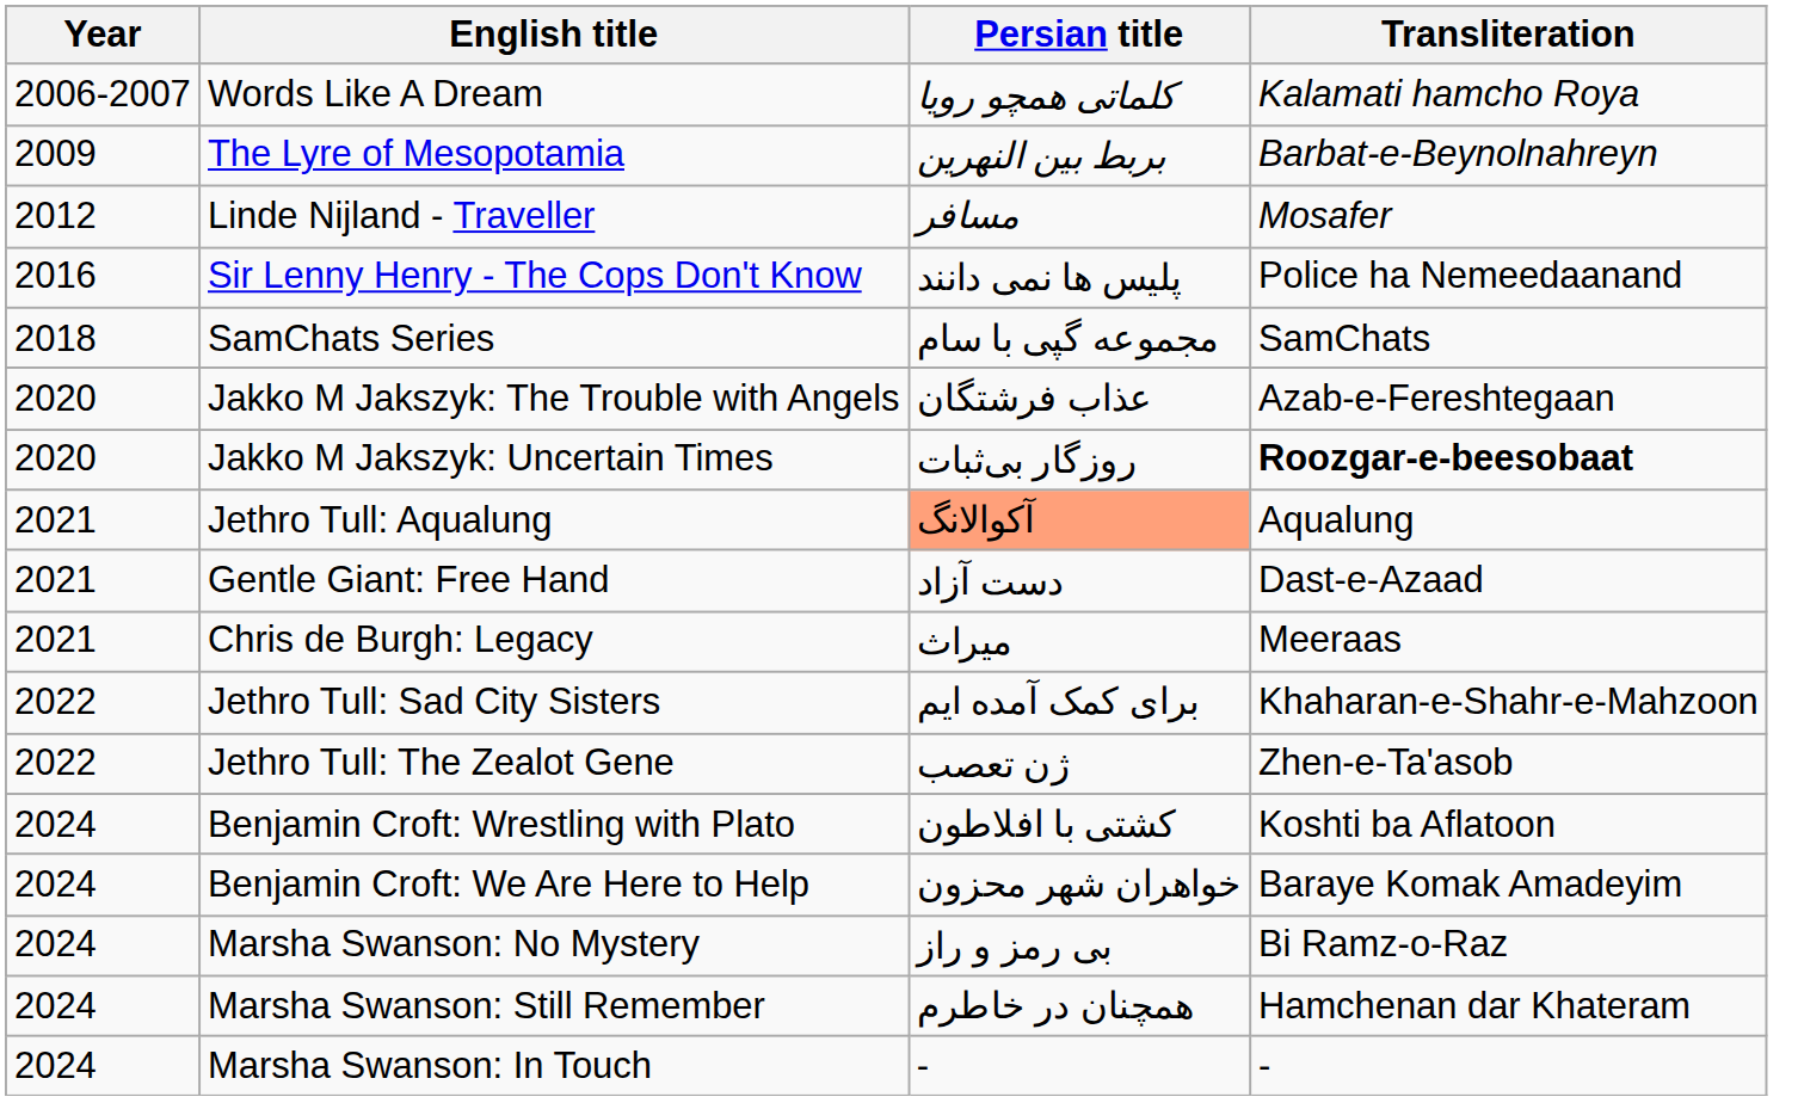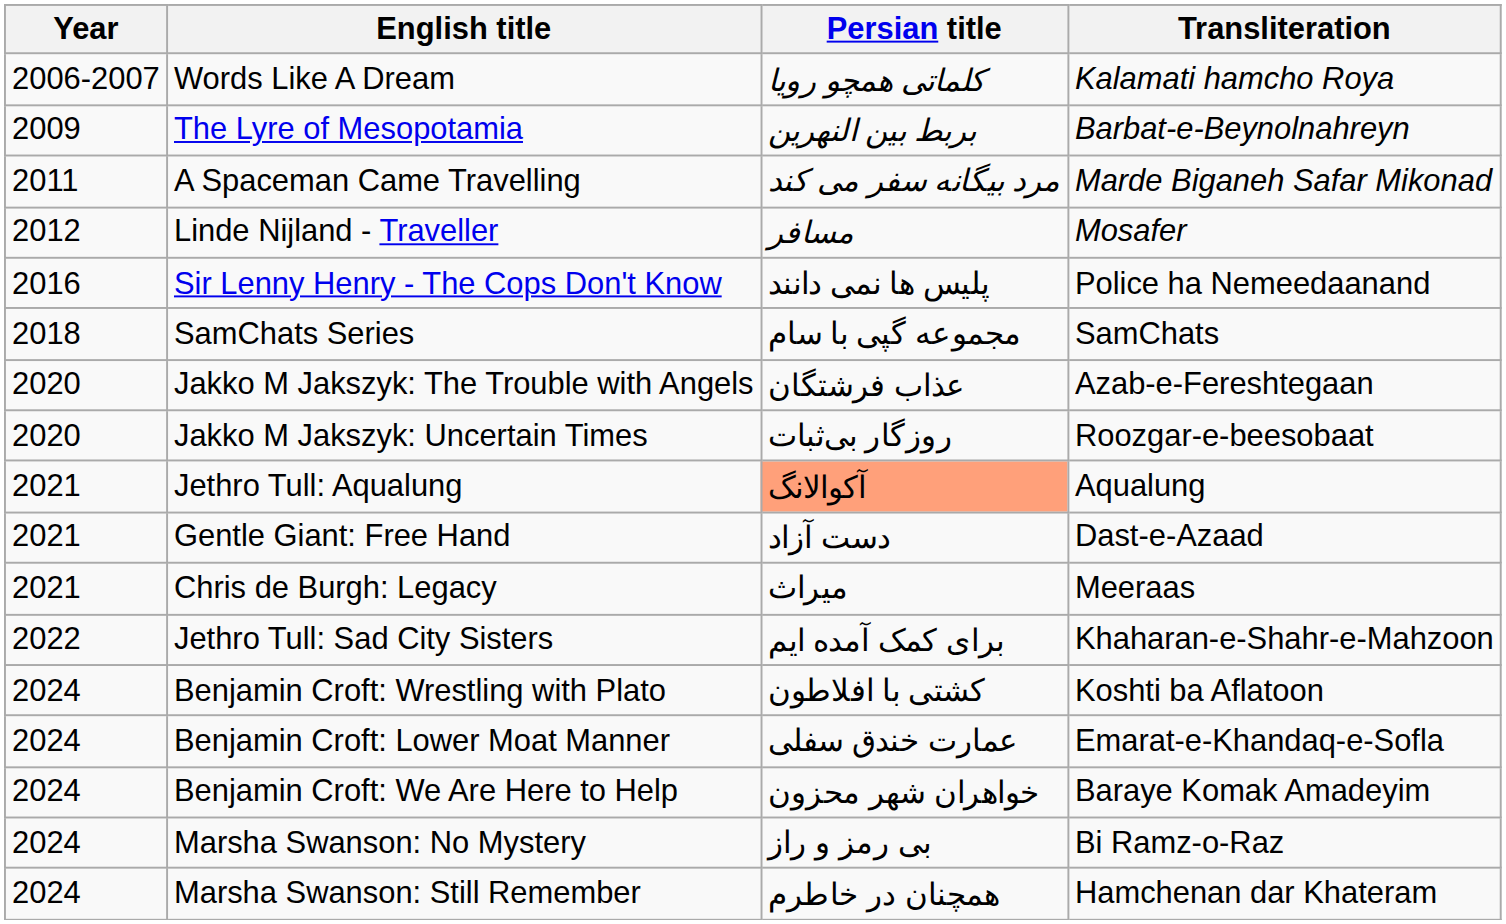 <table class="wikitable" align=center>
 <tr>
 <th>Year</th>
 <th>English title</th>
 <th><a href='#'>Persian</a> title</th>
 <th>Transliteration</th>
 </tr>
 <tr>
 <td>2006-2007</td>
 <td>Words Like A Dream</td>
 <td><em>کلماتی همچو رویا</em></td>
 <td><em>Kalamati hamcho Roya</em></td>
 </tr>
 <tr>
 <td>2009</td>
 <td><a href='#'>The Lyre of Mesopotamia</a></td>
 <td><em>بربط بین النهرین</em></td>
 <td><em>Barbat-e-Beynolnahreyn</em></td>
+</tr>
+<tr>
+<td>2011</td>
+<td>A Spaceman Came Travelling</td>
+<td><em>مرد بیگانه سفر می کند</em></td>
+<td><em>Marde Biganeh Safar Mikonad</em></td>
 </tr>
 <tr>
 <td>2012</td>
 <td>Linde Nijland - <a href='#'>Traveller</a></td>
 <td><em>مسافر</em></td>
 <td><em>Mosafer</em></td>
 </tr>
 <tr>
 <td>2016</td>
 <td><a href='#'>Sir Lenny Henry - The Cops Don't Know</a></td>
 <td>پلیس ها نمی دانند</td>
 <td>Police ha Nemeedaanand</td>
 </tr>
 <tr>
 <td>2018</td>
 <td>SamChats Series</td>
 <td>مجموعه گپی با سام</td>
 <td>SamChats</td>
 </tr>
 <tr>
 <td>2020</td>
 <td>Jakko M Jakszyk: The Trouble with Angels</td>
 <td>عذاب فرشتگان</td>
 <td>Azab-e-Fereshtegaan</td>
 </tr>
 <tr>
 <td>2020</td>
 <td>Jakko M Jakszyk: Uncertain Times</td>
 <td>روزگار بی‌ثبات</td>
-<td><strong>Roozgar-e-beesobaat</strong></td>
+<td>Roozgar-e-beesobaat</td>
 </tr>
 <tr>
 <td>2021</td>
 <td>Jethro Tull: Aqualung</td>
 <td style="background: lightsalmon;">آکوالانگ</td>
 <td>Aqualung</td>
 </tr>
 <tr>
 <td>2021</td>
 <td>Gentle Giant: Free Hand</td>
 <td>دست آزاد</td>
 <td>Dast-e-Azaad</td>
 </tr>
 <tr>
 <td>2021</td>
 <td>Chris de Burgh: Legacy</td>
 <td>میراث</td>
 <td>Meeraas</td>
 </tr>
 <tr>
 <td>2022</td>
 <td>Jethro Tull: Sad City Sisters</td>
 <td>برای کمک آمده ایم</td>
 <td>Khaharan-e-Shahr-e-Mahzoon</td>
 </tr>
 <tr>
-<td>2022</td>
-<td>Jethro Tull: The Zealot Gene</td>
-<td>ژن تعصب</td>
-<td>Zhen-e-Ta'asob</td>
-</tr>
-<tr>
 <td>2024</td>
 <td>Benjamin Croft: Wrestling with Plato</td>
 <td>کشتی با افلاطون</td>
 <td>Koshti ba Aflatoon</td>
+</tr>
+<tr>
+<td>2024</td>
+<td>Benjamin Croft: Lower Moat Manner</td>
+<td>عمارت خندق سفلی</td>
+<td>Emarat-e-Khandaq-e-Sofla</td>
 </tr>
 <tr>
 <td>2024</td>
 <td>Benjamin Croft: We Are Here to Help</td>
 <td>خواهران شهر محزون</td>
 <td>Baraye Komak Amadeyim</td>
 </tr>
 <tr>
 <td>2024</td>
 <td>Marsha Swanson: No Mystery</td>
 <td>بی رمز و راز</td>
 <td>Bi Ramz-o-Raz</td>
 </tr>
 <tr>
 <td>2024</td>
 <td>Marsha Swanson: Still Remember</td>
 <td>همچنان در خاطرم</td>
 <td>Hamchenan dar Khateram</td>
 </tr>
-<tr>
-<td>2024</td>
-<td>Marsha Swanson: In Touch</td>
-<td>-</td>
-<td>-</td>
-</tr>
 </table>
